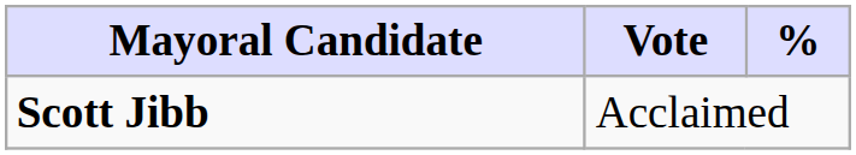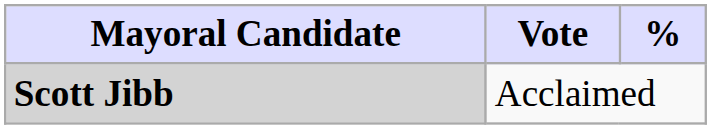 <table class="wikitable">
 <tr>
 <th style="background:#ddf; width:200px;">Mayoral Candidate</th>
 <th style="background:#ddf; width:50px;">Vote</th>
 <th style="background:#ddf; width:30px;">%</th>
 </tr>
 <tr>
-<td><strong>Scott Jibb</strong></td>
+<td style="background: lightgrey;"><strong>Scott Jibb</strong></td>
 <td colspan="2">Acclaimed</td>
 </tr>
 </table>
